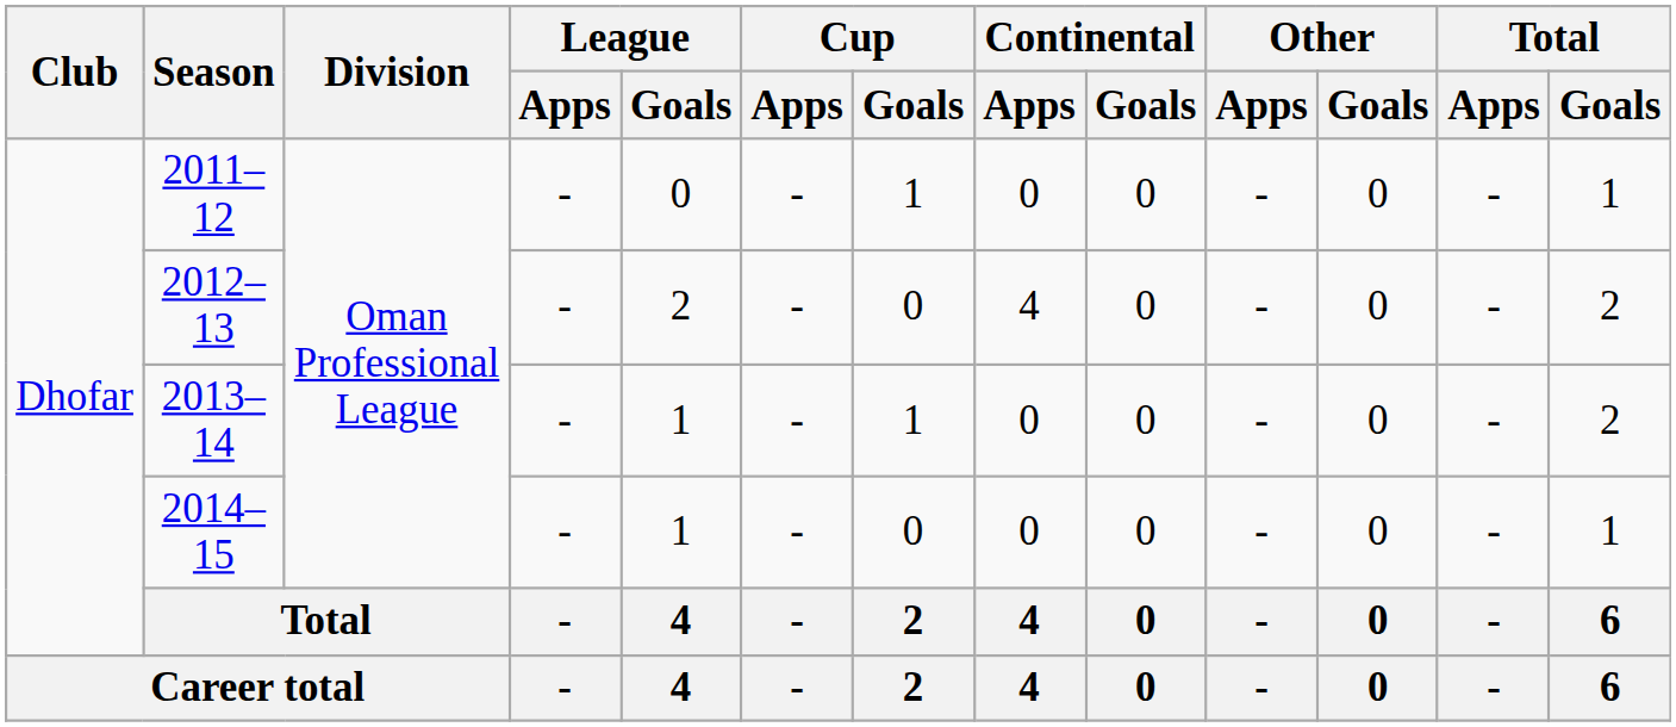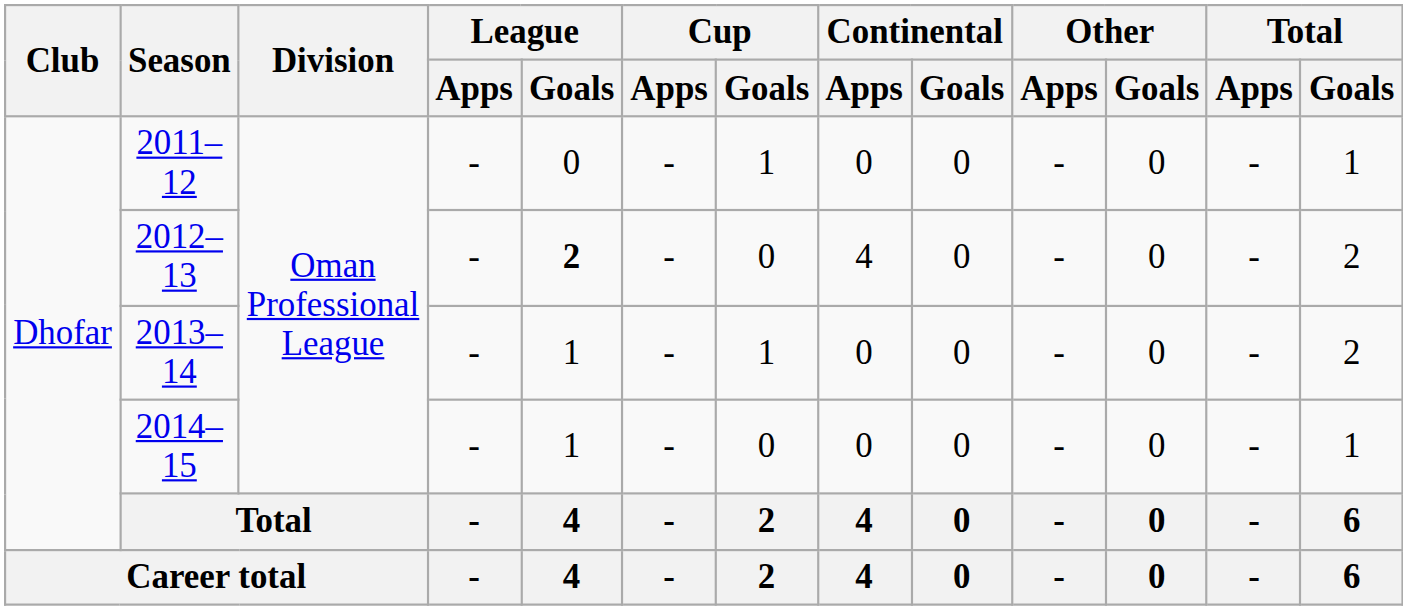 <table class="wikitable" style="text-align: center;">
 <tr>
 <th rowspan="2">Club</th>
 <th rowspan="2">Season</th>
 <th rowspan="2">Division</th>
 <th colspan="2">League</th>
 <th colspan="2">Cup</th>
 <th colspan="2">Continental</th>
 <th colspan="2">Other</th>
 <th colspan="2">Total</th>
 </tr>
 <tr>
 <th>Apps</th>
 <th>Goals</th>
 <th>Apps</th>
 <th>Goals</th>
 <th>Apps</th>
 <th>Goals</th>
 <th>Apps</th>
 <th>Goals</th>
 <th>Apps</th>
 <th>Goals</th>
 </tr>
 <tr>
 <td rowspan="5"><a href='#'>Dhofar</a></td>
 <td><a href='#'>2011–12</a></td>
 <td rowspan="4"><a href='#'>Oman Professional League</a></td>
 <td>-</td>
 <td>0</td>
 <td>-</td>
 <td>1</td>
 <td>0</td>
 <td>0</td>
 <td>-</td>
 <td>0</td>
 <td>-</td>
 <td>1</td>
 </tr>
 <tr>
 <td><a href='#'>2012–13</a></td>
 <td>-</td>
-<td>2</td>
+<td><strong>2</strong></td>
 <td>-</td>
 <td>0</td>
 <td>4</td>
 <td>0</td>
 <td>-</td>
 <td>0</td>
 <td>-</td>
 <td>2</td>
 </tr>
 <tr>
 <td><a href='#'>2013–14</a></td>
 <td>-</td>
 <td>1</td>
 <td>-</td>
 <td>1</td>
 <td>0</td>
 <td>0</td>
 <td>-</td>
 <td>0</td>
 <td>-</td>
 <td>2</td>
 </tr>
 <tr>
 <td><a href='#'>2014–15</a></td>
 <td>-</td>
 <td>1</td>
 <td>-</td>
 <td>0</td>
 <td>0</td>
 <td>0</td>
 <td>-</td>
 <td>0</td>
 <td>-</td>
 <td>1</td>
 </tr>
 <tr>
 <th colspan="2">Total</th>
 <th>-</th>
 <th>4</th>
 <th>-</th>
 <th>2</th>
 <th>4</th>
 <th>0</th>
 <th>-</th>
 <th>0</th>
 <th>-</th>
 <th>6</th>
 </tr>
 <tr>
 <th colspan="3">Career total</th>
 <th>-</th>
 <th>4</th>
 <th>-</th>
 <th>2</th>
 <th>4</th>
 <th>0</th>
 <th>-</th>
 <th>0</th>
 <th>-</th>
 <th>6</th>
 </tr>
 </table>
